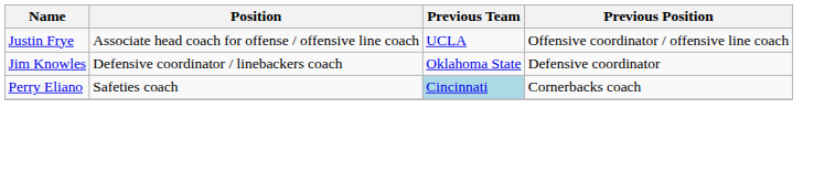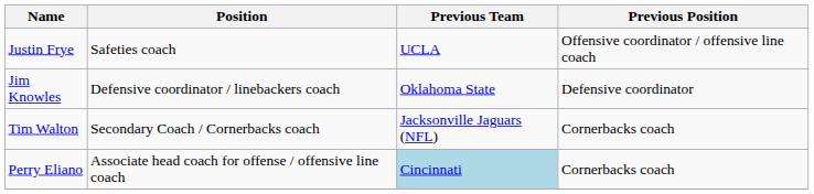 <table class="wikitable">
 <tr>
 <th style="text-align:center; ">Name</th>
 <th style="text-align:center; ">Position</th>
 <th style="text-align:center; ">Previous Team</th>
 <th style="text-align:center; ">Previous Position</th>
 </tr>
 <tr>
 <td><a href='#'>Justin Frye</a></td>
-<td>Associate head coach for offense / offensive line coach</td>
+<td>Safeties coach</td>
 <td><a href='#'>UCLA</a></td>
 <td>Offensive coordinator / offensive line coach</td>
 </tr>
 <tr>
 <td><a href='#'>Jim Knowles</a></td>
 <td>Defensive coordinator / linebackers coach</td>
 <td><a href='#'>Oklahoma State</a></td>
 <td>Defensive coordinator</td>
 </tr>
 <tr>
+<td><a href='#'>Tim Walton</a></td>
+<td>Secondary Coach / Cornerbacks coach</td>
+<td><a href='#'>Jacksonville Jaguars</a> (<a href='#'>NFL</a>)</td>
+<td>Cornerbacks coach</td>
+</tr>
+<tr>
 <td><a href='#'>Perry Eliano</a></td>
-<td>Safeties coach</td>
+<td>Associate head coach for offense / offensive line coach</td>
 <td style="background: lightblue;"><a href='#'>Cincinnati</a></td>
 <td>Cornerbacks coach</td>
 </tr>
 <tr>
 </tr>
 </table>
